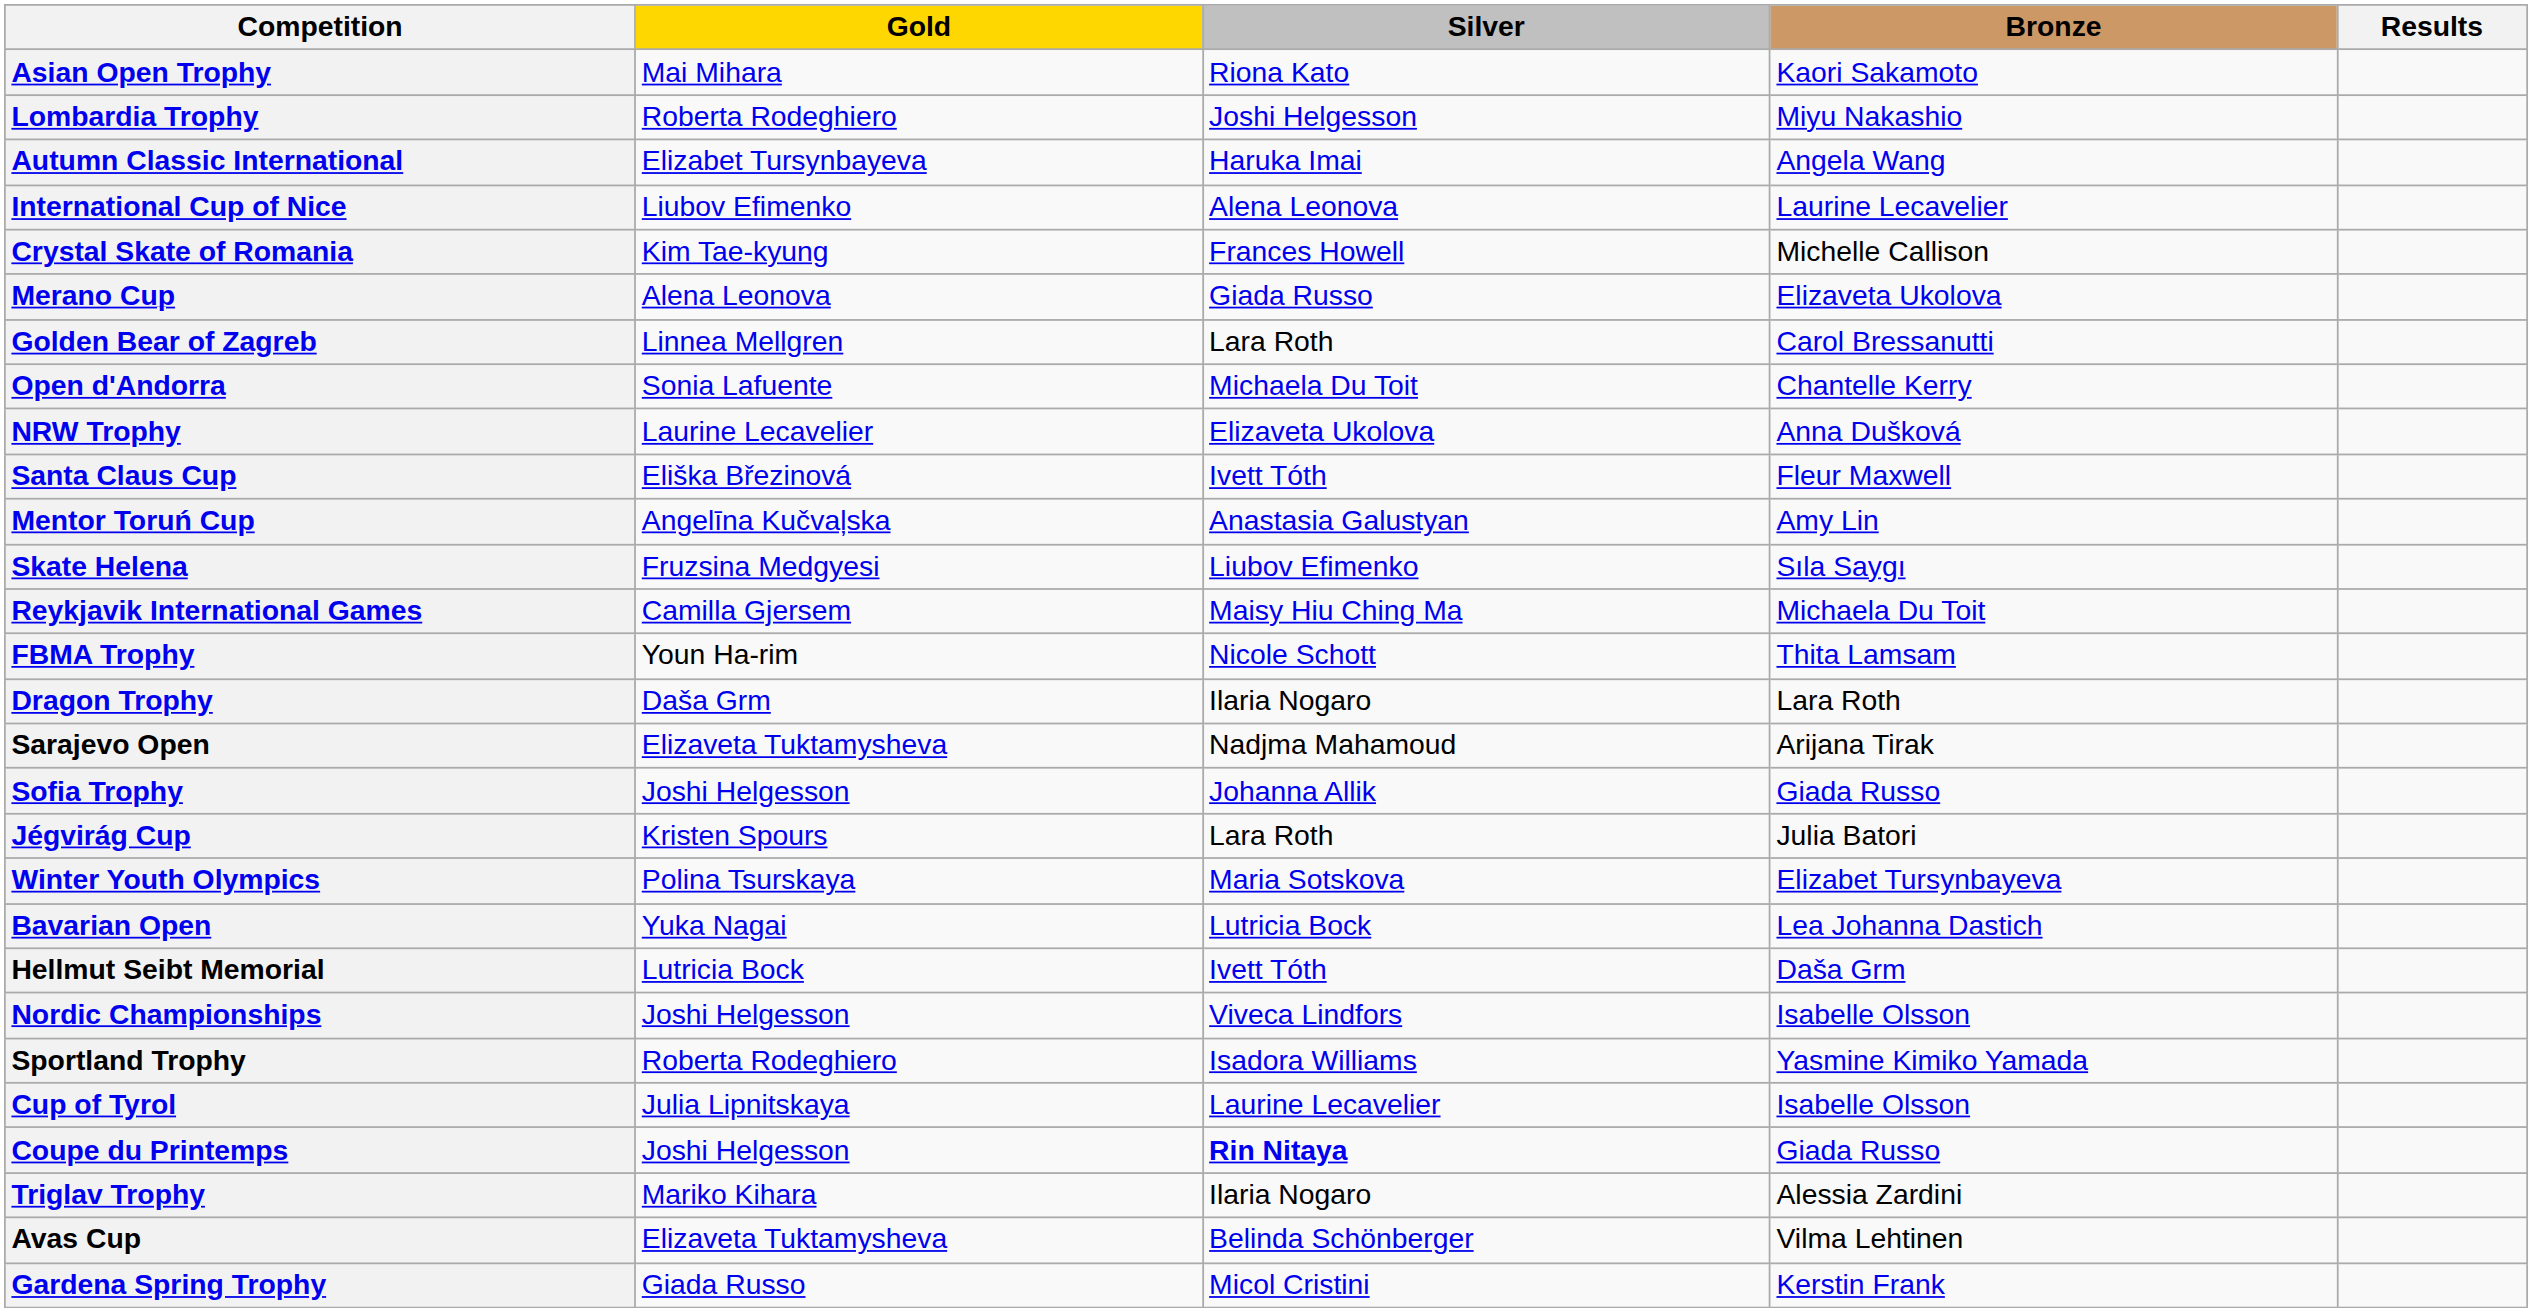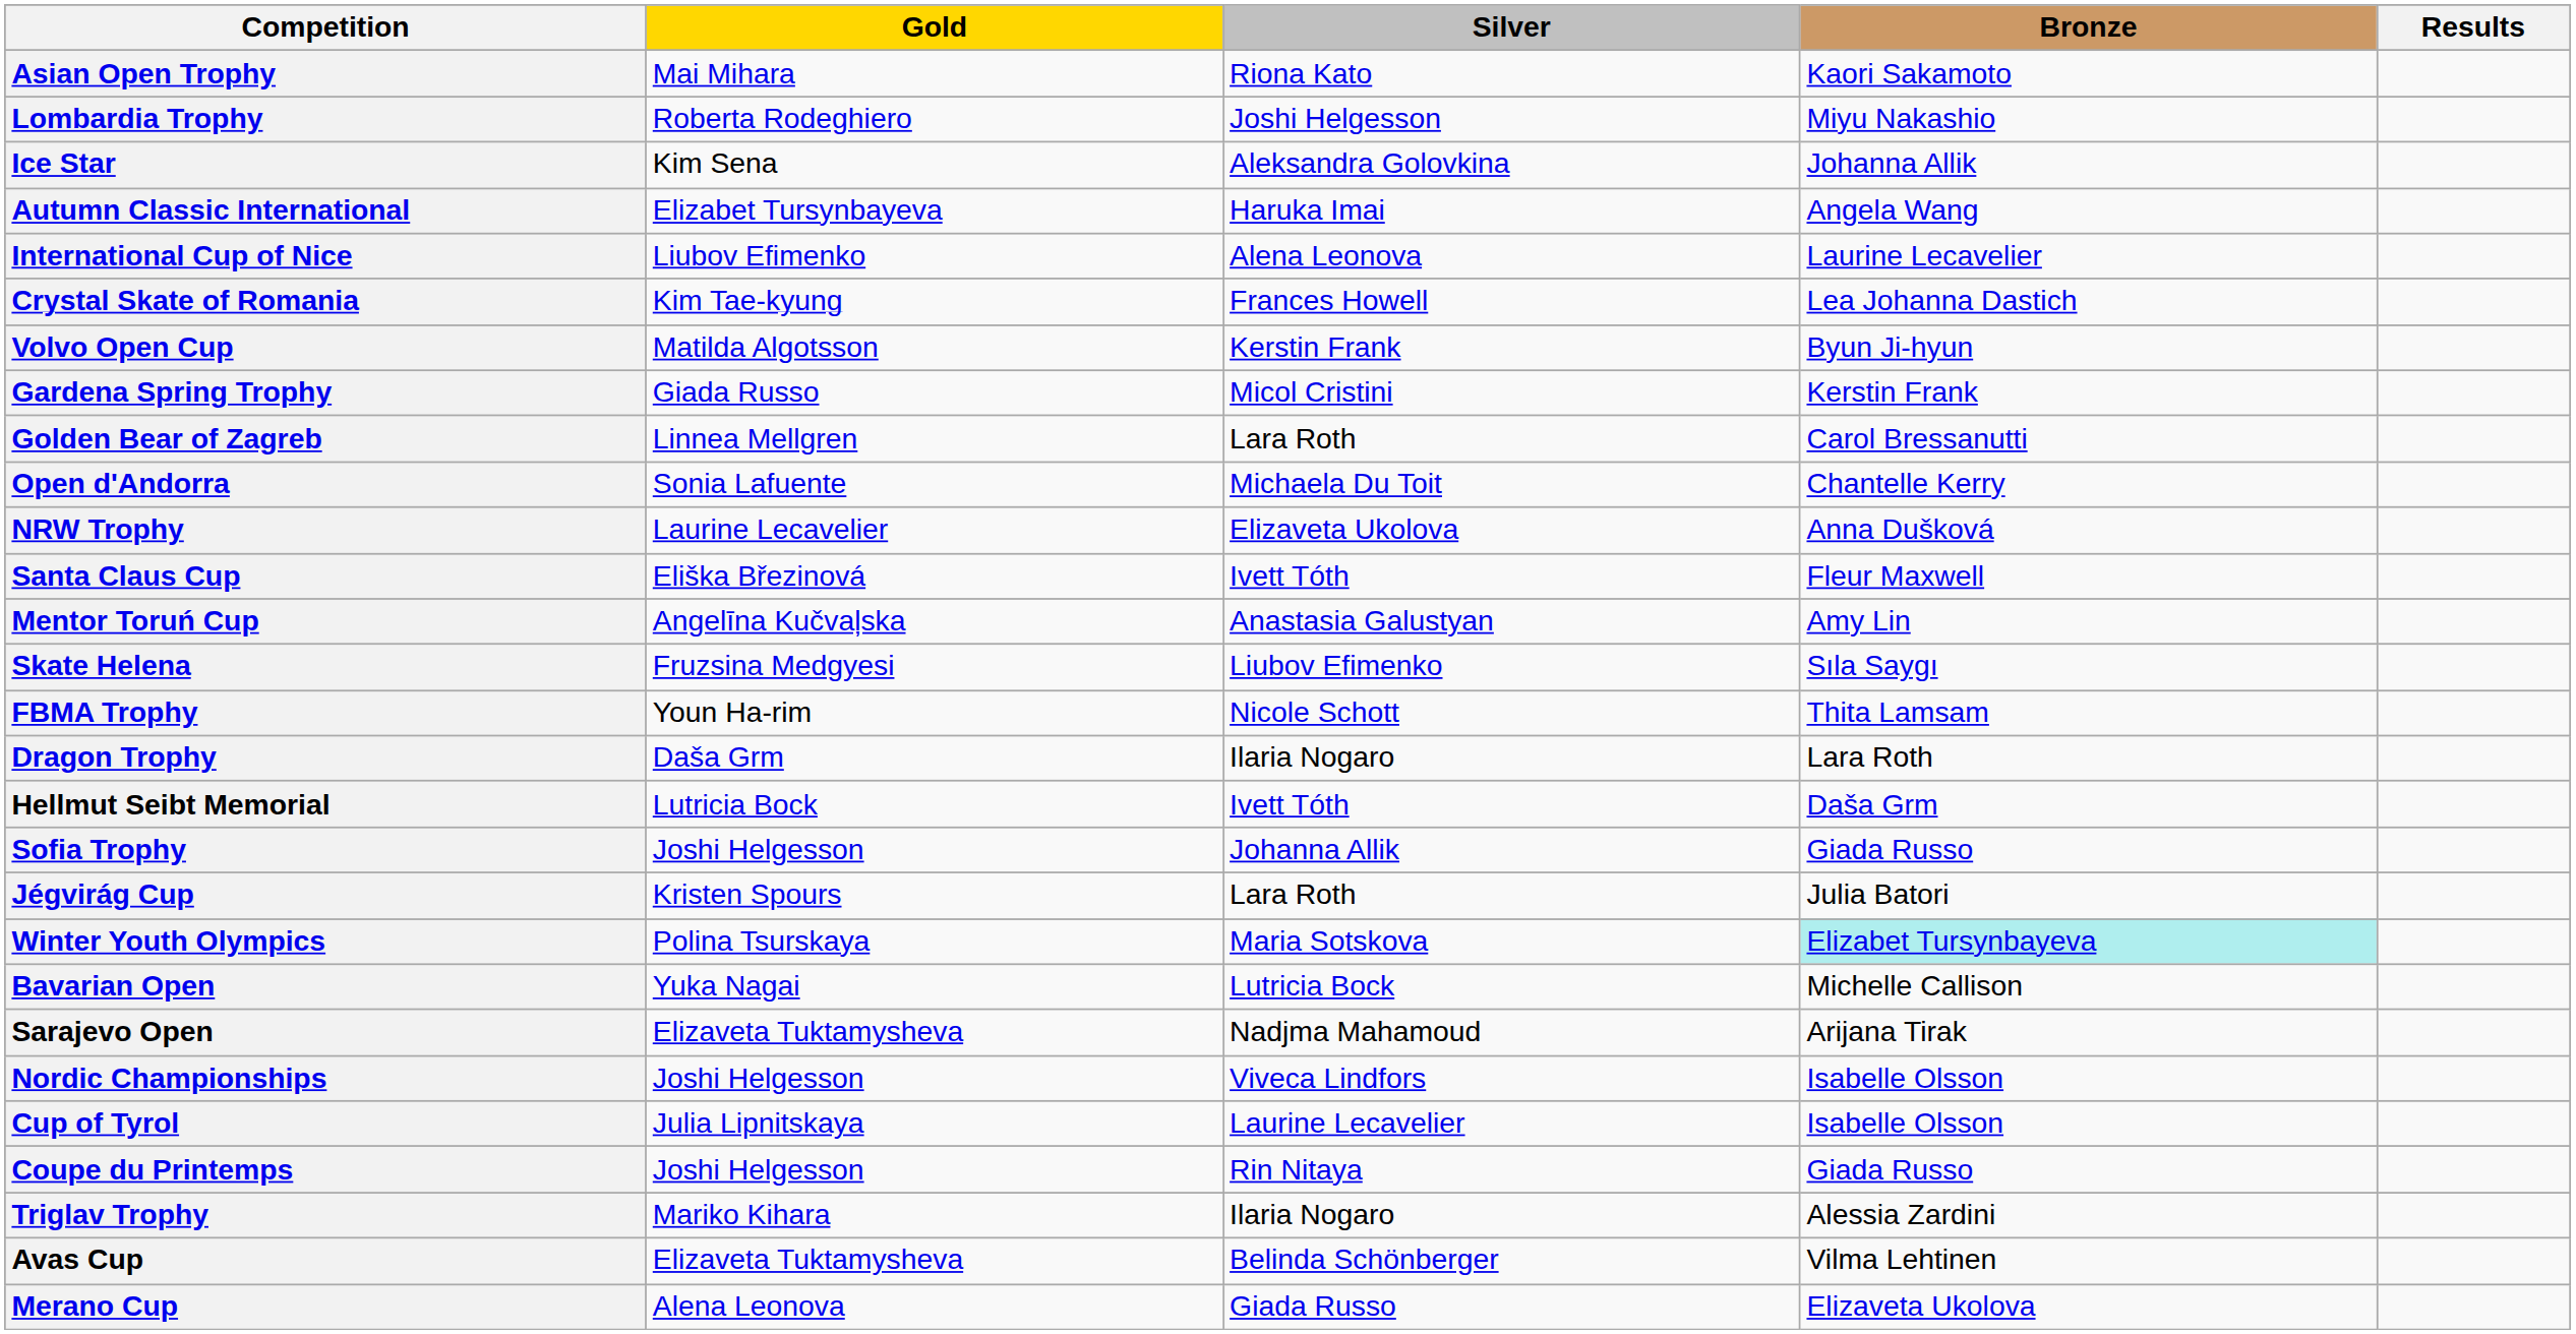 <table class="wikitable unsortable" style="text-align:left; width:90%;">
 <tr>
 <th scope="col" style="text-align:center; width:25%;">Competition</th>
 <td scope="col" style="text-align:center; width:22.5%; background:gold"><strong>Gold</strong></td>
 <td scope="col" style="text-align:center; width:22.5%; background:silver"><strong>Silver</strong></td>
 <td scope="col" style="text-align:center; width:22.5%; background:#c96"><strong>Bronze</strong></td>
 <th scope="col" style="text-align:center; width:7.5%;">Results</th>
 </tr>
 <tr>
 <th scope="row" style="text-align:left"> <a href='#'>Asian Open Trophy</a></th>
 <td> <a href='#'>Mai Mihara</a></td>
 <td> <a href='#'>Riona Kato</a></td>
 <td> <a href='#'>Kaori Sakamoto</a></td>
 <td></td>
 </tr>
 <tr>
 <th scope="row" style="text-align:left"> <a href='#'>Lombardia Trophy</a></th>
 <td> <a href='#'>Roberta Rodeghiero</a></td>
 <td> <a href='#'>Joshi Helgesson</a></td>
 <td> <a href='#'>Miyu Nakashio</a></td>
 <td></td>
 </tr>
 <tr>
+<th scope="row" style="text-align:left"> <a href='#'>Ice Star</a></th>
+<td> Kim Sena</td>
+<td> <a href='#'>Aleksandra Golovkina</a></td>
+<td> <a href='#'>Johanna Allik</a></td>
+<td></td>
+</tr>
+<tr>
 <th scope="row" style="text-align:left"> <a href='#'>Autumn Classic International</a></th>
 <td> <a href='#'>Elizabet Tursynbayeva</a></td>
 <td> <a href='#'>Haruka Imai</a></td>
 <td> <a href='#'>Angela Wang</a></td>
 <td></td>
 </tr>
 <tr>
 <th scope="row" style="text-align:left"> <a href='#'>International Cup of Nice</a></th>
 <td> <a href='#'>Liubov Efimenko</a></td>
 <td> <a href='#'>Alena Leonova</a></td>
 <td> <a href='#'>Laurine Lecavelier</a></td>
 <td></td>
 </tr>
 <tr>
 <th scope="row" style="text-align:left"> <a href='#'>Crystal Skate of Romania</a></th>
 <td> <a href='#'>Kim Tae-kyung</a></td>
 <td> <a href='#'>Frances Howell</a></td>
-<td> Michelle Callison</td>
+<td> <a href='#'>Lea Johanna Dastich</a></td>
 <td></td>
 </tr>
 <tr>
-<th scope="row" style="text-align:left"> <a href='#'>Merano Cup</a></th>
-<td> <a href='#'>Alena Leonova</a></td>
+<th scope="row" style="text-align:left"> <a href='#'>Volvo Open Cup</a></th>
+<td> <a href='#'>Matilda Algotsson</a></td>
+<td> <a href='#'>Kerstin Frank</a></td>
+<td> <a href='#'>Byun Ji-hyun</a></td>
+<td></td>
+</tr>
+<tr>
+<th scope="row" style="text-align:left"> <a href='#'>Gardena Spring Trophy</a></th>
 <td> <a href='#'>Giada Russo</a></td>
-<td> <a href='#'>Elizaveta Ukolova</a></td>
+<td> <a href='#'>Micol Cristini</a></td>
+<td> <a href='#'>Kerstin Frank</a></td>
 <td></td>
 </tr>
 <tr>
 <th scope="row" style="text-align:left"> <a href='#'>Golden Bear of Zagreb</a></th>
 <td> <a href='#'>Linnea Mellgren</a></td>
 <td> Lara Roth</td>
 <td> <a href='#'>Carol Bressanutti</a></td>
 <td></td>
 </tr>
 <tr>
 <th scope="row" style="text-align:left"> <a href='#'>Open d'Andorra</a></th>
 <td> <a href='#'>Sonia Lafuente</a></td>
 <td> <a href='#'>Michaela Du Toit</a></td>
 <td> <a href='#'>Chantelle Kerry</a></td>
 <td></td>
 </tr>
 <tr>
 <th scope="row" style="text-align:left"> <a href='#'>NRW Trophy</a></th>
 <td> <a href='#'>Laurine Lecavelier</a></td>
 <td> <a href='#'>Elizaveta Ukolova</a></td>
 <td> <a href='#'>Anna Dušková</a></td>
 <td></td>
 </tr>
 <tr>
 <th scope="row" style="text-align:left"> <a href='#'>Santa Claus Cup</a></th>
 <td> <a href='#'>Eliška Březinová</a></td>
 <td> <a href='#'>Ivett Tóth</a></td>
 <td> <a href='#'>Fleur Maxwell</a></td>
 <td></td>
 </tr>
 <tr>
 <th scope="row" style="text-align:left"> <a href='#'>Mentor Toruń Cup</a></th>
 <td> <a href='#'>Angelīna Kučvaļska</a></td>
 <td> <a href='#'>Anastasia Galustyan</a></td>
 <td> <a href='#'>Amy Lin</a></td>
 <td></td>
 </tr>
 <tr>
 <th scope="row" style="text-align:left"> <a href='#'>Skate Helena</a></th>
 <td> <a href='#'>Fruzsina Medgyesi</a></td>
 <td> <a href='#'>Liubov Efimenko</a></td>
 <td> <a href='#'>Sıla Saygı</a></td>
 <td></td>
 </tr>
 <tr>
-<th scope="row" style="text-align:left"> <a href='#'>Reykjavik International Games</a></th>
-<td> <a href='#'>Camilla Gjersem</a></td>
-<td> <a href='#'>Maisy Hiu Ching Ma</a></td>
-<td> <a href='#'>Michaela Du Toit</a></td>
-<td></td>
-</tr>
-<tr>
 <th scope="row" style="text-align:left"> <a href='#'>FBMA Trophy</a></th>
 <td> Youn Ha-rim</td>
 <td> <a href='#'>Nicole Schott</a></td>
 <td> <a href='#'>Thita Lamsam</a></td>
 <td></td>
 </tr>
 <tr>
 <th scope="row" style="text-align:left"> <a href='#'>Dragon Trophy</a></th>
 <td> <a href='#'>Daša Grm</a></td>
 <td> Ilaria Nogaro</td>
 <td> Lara Roth</td>
 <td></td>
 </tr>
 <tr>
-<th scope="row" style="text-align:left"> Sarajevo Open</th>
-<td> <a href='#'>Elizaveta Tuktamysheva</a></td>
-<td> Nadjma Mahamoud</td>
-<td> Arijana Tirak</td>
+<th scope="row" style="text-align:left"> Hellmut Seibt Memorial</th>
+<td> <a href='#'>Lutricia Bock</a></td>
+<td> <a href='#'>Ivett Tóth</a></td>
+<td> <a href='#'>Daša Grm</a></td>
 <td></td>
 </tr>
 <tr>
 <th scope="row" style="text-align:left"> <a href='#'>Sofia Trophy</a></th>
 <td> <a href='#'>Joshi Helgesson</a></td>
 <td> <a href='#'>Johanna Allik</a></td>
 <td> <a href='#'>Giada Russo</a></td>
 <td></td>
 </tr>
 <tr>
 <th scope="row" style="text-align:left"> <a href='#'>Jégvirág Cup</a></th>
 <td> <a href='#'>Kristen Spours</a></td>
 <td> Lara Roth</td>
 <td> Julia Batori</td>
 <td></td>
 </tr>
 <tr>
 <th scope="row" style="text-align:left"> <a href='#'>Winter Youth Olympics</a></th>
 <td> <a href='#'>Polina Tsurskaya</a></td>
 <td> <a href='#'>Maria Sotskova</a></td>
-<td> <a href='#'>Elizabet Tursynbayeva</a></td>
+<td style="background: paleturquoise;"> <a href='#'>Elizabet Tursynbayeva</a></td>
 <td></td>
 </tr>
 <tr>
 <th scope="row" style="text-align:left"> <a href='#'>Bavarian Open</a></th>
 <td> <a href='#'>Yuka Nagai</a></td>
 <td> <a href='#'>Lutricia Bock</a></td>
-<td> <a href='#'>Lea Johanna Dastich</a></td>
+<td> Michelle Callison</td>
 <td></td>
 </tr>
 <tr>
-<th scope="row" style="text-align:left"> Hellmut Seibt Memorial</th>
-<td> <a href='#'>Lutricia Bock</a></td>
-<td> <a href='#'>Ivett Tóth</a></td>
-<td> <a href='#'>Daša Grm</a></td>
+<th scope="row" style="text-align:left"> Sarajevo Open</th>
+<td> <a href='#'>Elizaveta Tuktamysheva</a></td>
+<td> Nadjma Mahamoud</td>
+<td> Arijana Tirak</td>
 <td></td>
 </tr>
 <tr>
 <th scope="row" style="text-align:left"> <a href='#'>Nordic Championships</a></th>
 <td> <a href='#'>Joshi Helgesson</a></td>
 <td> <a href='#'>Viveca Lindfors</a></td>
 <td> <a href='#'>Isabelle Olsson</a></td>
-<td></td>
-</tr>
-<tr>
-<th scope="row" style="text-align:left"> Sportland Trophy</th>
-<td> <a href='#'>Roberta Rodeghiero</a></td>
-<td> <a href='#'>Isadora Williams</a></td>
-<td> <a href='#'>Yasmine Kimiko Yamada</a></td>
 <td></td>
 </tr>
 <tr>
 <th scope="row" style="text-align:left"> <a href='#'>Cup of Tyrol</a></th>
 <td> <a href='#'>Julia Lipnitskaya</a></td>
 <td> <a href='#'>Laurine Lecavelier</a></td>
 <td> <a href='#'>Isabelle Olsson</a></td>
 <td></td>
 </tr>
 <tr>
 <th scope="row" style="text-align:left"> <a href='#'>Coupe du Printemps</a></th>
 <td> <a href='#'>Joshi Helgesson</a></td>
-<td><strong> <a href='#'>Rin Nitaya</a></strong></td>
+<td> <a href='#'>Rin Nitaya</a></td>
 <td> <a href='#'>Giada Russo</a></td>
 <td></td>
 </tr>
 <tr>
 <th scope="row" style="text-align:left"> <a href='#'>Triglav Trophy</a></th>
 <td> <a href='#'>Mariko Kihara</a></td>
 <td> Ilaria Nogaro</td>
 <td> Alessia Zardini</td>
 <td></td>
 </tr>
 <tr>
 <th scope="row" style="text-align:left"> Avas Cup</th>
 <td> <a href='#'>Elizaveta Tuktamysheva</a></td>
 <td> <a href='#'>Belinda Schönberger</a></td>
 <td> Vilma Lehtinen</td>
 <td></td>
 </tr>
 <tr>
-<th scope="row" style="text-align:left"> <a href='#'>Gardena Spring Trophy</a></th>
+<th scope="row" style="text-align:left"> <a href='#'>Merano Cup</a></th>
+<td> <a href='#'>Alena Leonova</a></td>
 <td> <a href='#'>Giada Russo</a></td>
-<td> <a href='#'>Micol Cristini</a></td>
-<td> <a href='#'>Kerstin Frank</a></td>
+<td> <a href='#'>Elizaveta Ukolova</a></td>
 <td></td>
 </tr>
 </table>
